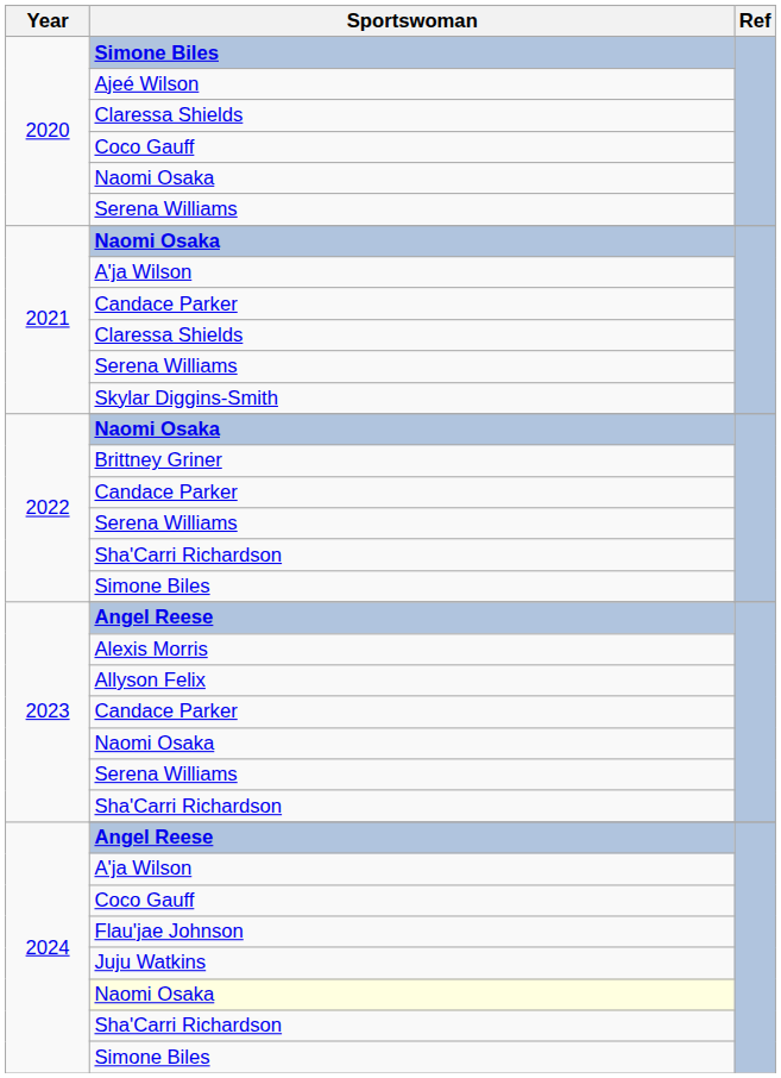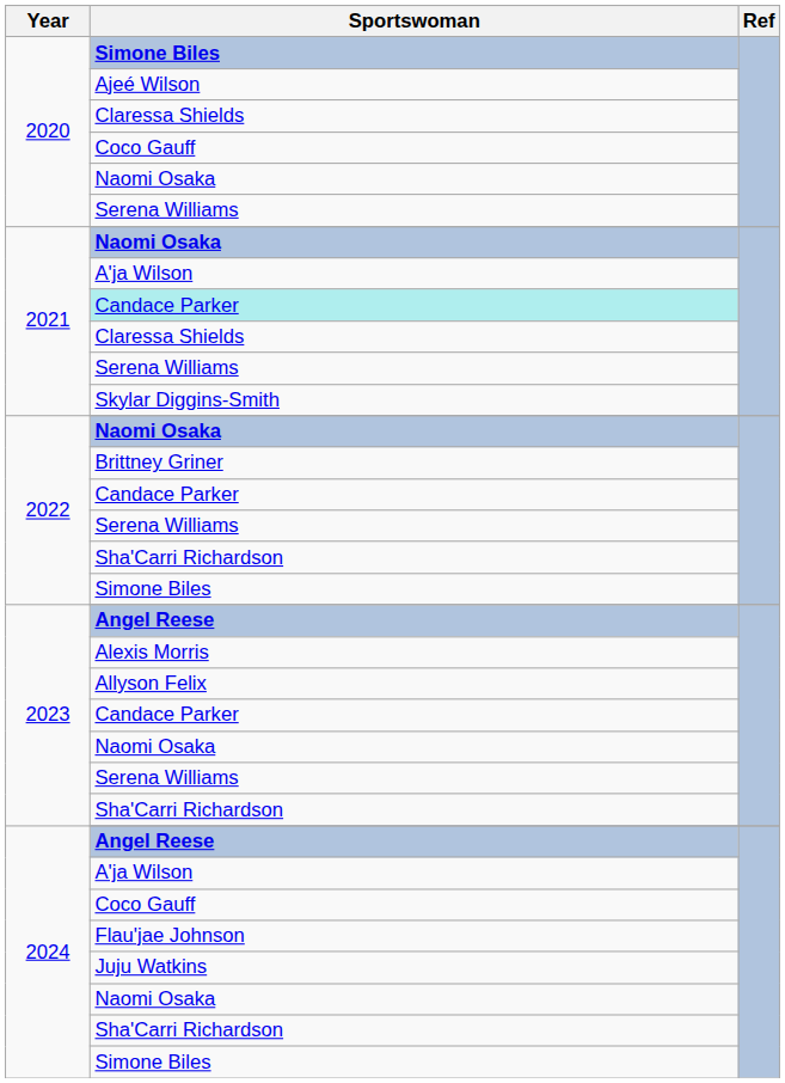 <table class="wikitable" style="width:100%;">
 <tr style="background:#bebebe;">
 <th style="width:11%;">Year</th>
 <th style="width:84%;">Sportswoman</th>
 <th style="width:5%;">Ref</th>
 </tr>
 <tr>
 <td rowspan="7" align="center"><a href='#'>2020</a></td>
 </tr>
 <tr style="background:#B0C4DE">
 <td><strong><a href='#'>Simone Biles</a></strong></td>
 <td rowspan="6" align="center"></td>
 </tr>
 <tr>
 <td><a href='#'>Ajeé Wilson</a></td>
 </tr>
 <tr>
 <td><a href='#'>Claressa Shields</a></td>
 </tr>
 <tr>
 <td><a href='#'>Coco Gauff</a></td>
 </tr>
 <tr>
 <td><a href='#'>Naomi Osaka</a></td>
 </tr>
 <tr>
 <td><a href='#'>Serena Williams</a></td>
 </tr>
 <tr>
 <td rowspan="7" align="center"><a href='#'>2021</a></td>
 </tr>
 <tr style="background:#B0C4DE">
 <td><strong><a href='#'>Naomi Osaka</a></strong></td>
 <td rowspan="6" align="center"></td>
 </tr>
 <tr>
 <td><a href='#'>A'ja Wilson</a></td>
 </tr>
 <tr>
-<td><a href='#'>Candace Parker</a></td>
+<td style="background: paleturquoise;"><a href='#'>Candace Parker</a></td>
 </tr>
 <tr>
 <td><a href='#'>Claressa Shields</a></td>
 </tr>
 <tr>
 <td><a href='#'>Serena Williams</a></td>
 </tr>
 <tr>
 <td><a href='#'>Skylar Diggins-Smith</a></td>
 </tr>
 <tr>
 <td rowspan="7" align="center"><a href='#'>2022</a></td>
 </tr>
 <tr style="background:#B0C4DE">
 <td><strong><a href='#'>Naomi Osaka</a></strong></td>
 <td rowspan="6" align="center"></td>
 </tr>
 <tr>
 <td><a href='#'>Brittney Griner</a></td>
 </tr>
 <tr>
 <td><a href='#'>Candace Parker</a></td>
 </tr>
 <tr>
 <td><a href='#'>Serena Williams</a></td>
 </tr>
 <tr>
 <td><a href='#'>Sha'Carri Richardson</a></td>
 </tr>
 <tr>
 <td><a href='#'>Simone Biles</a></td>
 </tr>
 <tr>
 <td rowspan="8" align="center"><a href='#'>2023</a></td>
 </tr>
 <tr style="background:#B0C4DE">
 <td><strong><a href='#'>Angel Reese</a></strong></td>
 <td rowspan="7" align="center"></td>
 </tr>
 <tr>
 <td><a href='#'>Alexis Morris</a></td>
 </tr>
 <tr>
 <td><a href='#'>Allyson Felix</a></td>
 </tr>
 <tr>
 <td><a href='#'>Candace Parker</a></td>
 </tr>
 <tr>
 <td><a href='#'>Naomi Osaka</a></td>
 </tr>
 <tr>
 <td><a href='#'>Serena Williams</a></td>
 </tr>
 <tr>
 <td><a href='#'>Sha'Carri Richardson</a></td>
 </tr>
 <tr>
 <td rowspan="9" align="center"><a href='#'>2024</a></td>
 </tr>
 <tr style="background:#B0C4DE">
 <td><strong><a href='#'>Angel Reese</a></strong></td>
 <td rowspan="8" align="center"></td>
 </tr>
 <tr>
 <td><a href='#'>A'ja Wilson</a></td>
 </tr>
 <tr>
 <td><a href='#'>Coco Gauff</a></td>
 </tr>
 <tr>
 <td><a href='#'>Flau'jae Johnson</a></td>
 </tr>
 <tr>
 <td><a href='#'>Juju Watkins</a></td>
 </tr>
 <tr>
-<td style="background: lightyellow;"><a href='#'>Naomi Osaka</a></td>
+<td><a href='#'>Naomi Osaka</a></td>
 </tr>
 <tr>
 <td><a href='#'>Sha'Carri Richardson</a></td>
 </tr>
 <tr>
 <td><a href='#'>Simone Biles</a></td>
 </tr>
 </table>
